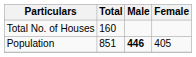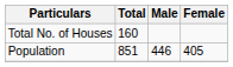 <table class="wikitable sortable">
 <tr>
 <th>Particulars</th>
 <th>Total</th>
 <th>Male</th>
 <th>Female</th>
 </tr>
 <tr>
 <td>Total No. of Houses</td>
 <td>160</td>
 <td></td>
 <td></td>
 </tr>
 <tr>
 <td>Population</td>
 <td>851</td>
-<td><strong>446</strong></td>
+<td>446</td>
 <td>405</td>
 </tr>
 <tr>
 </tr>
 </table>
